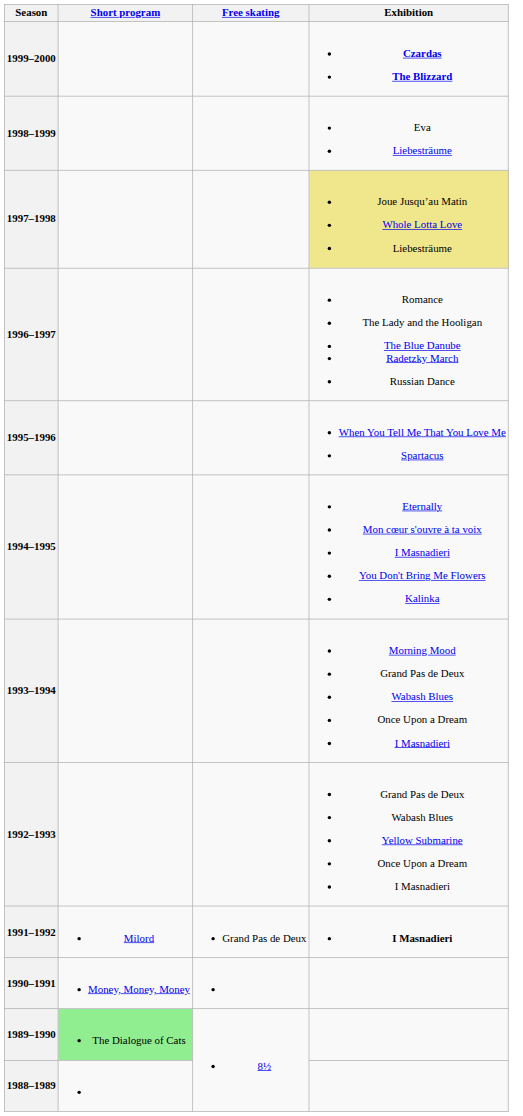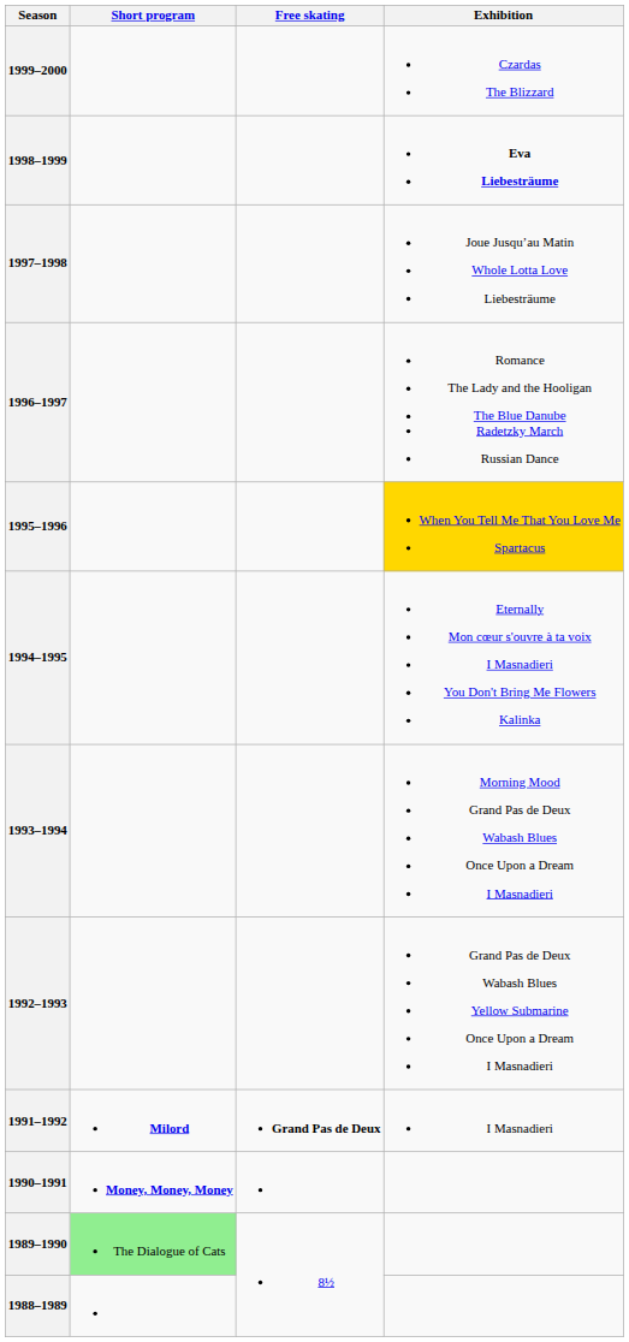 <table class="wikitable" style="text-align:center">
 <tr>
 <th>Season</th>
 <th><a href='#'>Short program</a></th>
 <th><a href='#'>Free skating</a></th>
 <th>Exhibition</th>
 </tr>
 <tr>
 <th>1999–2000</th>
 <td></td>
 <td></td>
-<td><strong><br><ul><li><a href='#'>Czardas</a> <br></li></ul><ul><li><a href='#'>The Blizzard</a> <br></li></ul></strong></td>
+<td><br><ul><li><a href='#'>Czardas</a> <br></li></ul><ul><li><a href='#'>The Blizzard</a> <br></li></ul></td>
 </tr>
 <tr>
 <th>1998–1999</th>
 <td></td>
 <td></td>
-<td><br><ul><li>Eva <br></li></ul><ul><li><a href='#'>Liebesträume</a> <br></li></ul></td>
+<td><strong><br><ul><li>Eva <br></li></ul><ul><li><a href='#'>Liebesträume</a> <br></li></ul></strong></td>
 </tr>
 <tr>
 <th>1997–1998</th>
 <td></td>
 <td></td>
-<td style="background: khaki;"><br><ul><li>Joue Jusqu’au Matin <br></li></ul><ul><li><a href='#'>Whole Lotta Love</a> <br></li></ul><ul><li>Liebesträume <br></li></ul></td>
+<td><br><ul><li>Joue Jusqu’au Matin <br></li></ul><ul><li><a href='#'>Whole Lotta Love</a> <br></li></ul><ul><li>Liebesträume <br></li></ul></td>
 </tr>
 <tr>
 <th>1996–1997</th>
 <td></td>
 <td></td>
 <td><br><ul><li>Romance <br></li></ul><ul><li>The Lady and the Hooligan <br></li></ul><ul><li><a href='#'>The Blue Danube</a> <br></li><li><a href='#'>Radetzky March</a> <br></li></ul><ul><li>Russian Dance <br></li></ul></td>
 </tr>
 <tr>
 <th>1995–1996</th>
 <td></td>
 <td></td>
-<td><br><ul><li><a href='#'>When You Tell Me That You Love Me</a> <br></li></ul><ul><li><a href='#'>Spartacus</a> <br></li></ul></td>
+<td style="background: gold;"><br><ul><li><a href='#'>When You Tell Me That You Love Me</a> <br></li></ul><ul><li><a href='#'>Spartacus</a> <br></li></ul></td>
 </tr>
 <tr>
 <th>1994–1995</th>
 <td></td>
 <td></td>
 <td><br><ul><li><a href='#'>Eternally</a> <br></li></ul><ul><li><a href='#'>Mon cœur s'ouvre à ta voix</a> <br></li></ul><ul><li><a href='#'>I Masnadieri</a> <br></li></ul><ul><li><a href='#'>You Don't Bring Me Flowers</a> <br></li></ul><ul><li><a href='#'>Kalinka</a> <br></li></ul></td>
 </tr>
 <tr>
 <th>1993–1994</th>
 <td></td>
 <td></td>
 <td><br><ul><li><a href='#'>Morning Mood</a> <br></li></ul><ul><li>Grand Pas de Deux <br></li></ul><ul><li><a href='#'>Wabash Blues</a> <br></li></ul><ul><li>Once Upon a Dream <br></li></ul><ul><li><a href='#'>I Masnadieri</a> <br></li></ul></td>
 </tr>
 <tr>
 <th>1992–1993</th>
 <td></td>
 <td></td>
 <td><br><ul><li>Grand Pas de Deux <br></li></ul><ul><li>Wabash Blues <br></li></ul><ul><li><a href='#'>Yellow Submarine</a> <br></li></ul><ul><li>Once Upon a Dream <br></li></ul><ul><li>I Masnadieri <br></li></ul></td>
 </tr>
 <tr>
 <th>1991–1992</th>
-<td><br><ul><li><a href='#'>Milord</a> <br></li></ul></td>
-<td><br><ul><li>Grand Pas de Deux <br></li></ul></td>
-<td><strong><br><ul><li>I Masnadieri  <br></li></ul></strong></td>
+<td><strong><br><ul><li><a href='#'>Milord</a> <br></li></ul></strong></td>
+<td><strong><br><ul><li>Grand Pas de Deux <br></li></ul></strong></td>
+<td><br><ul><li>I Masnadieri  <br></li></ul></td>
 </tr>
 <tr>
 <th>1990–1991</th>
-<td><br><ul><li><a href='#'>Money, Money, Money</a> <br></li></ul></td>
+<td><strong><br><ul><li><a href='#'>Money, Money, Money</a> <br></li></ul></strong></td>
 <td><br><ul><li></li></ul></td>
 <td></td>
 </tr>
 <tr>
 <th>1989–1990</th>
 <td style="background: lightgreen;"><br><ul><li>The Dialogue of Cats <br></li></ul></td>
 <td rowspan=2><br><ul><li><a href='#'>8½</a> <br></li></ul></td>
 <td></td>
 </tr>
 <tr>
 <th>1988–1989</th>
 <td><br><ul><li></li></ul></td>
 <td></td>
 </tr>
 </table>
